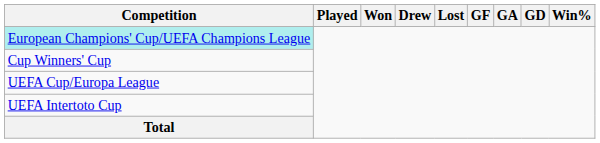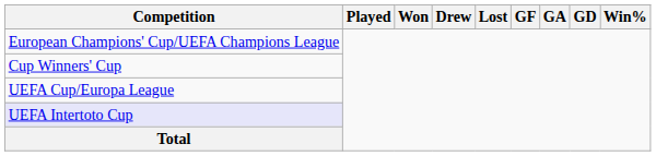 <table class="wikitable sortable" style="text-align: center;">
 <tr>
 <th>Competition</th>
 <th>Played</th>
 <th>Won</th>
 <th>Drew</th>
 <th>Lost</th>
 <th>GF</th>
 <th>GA</th>
 <th>GD</th>
 <th>Win%</th>
 </tr>
 <tr>
-<td align=left style="background: paleturquoise;"><a href='#'>European Champions' Cup/UEFA Champions League</a><br></td>
+<td align=left><a href='#'>European Champions' Cup/UEFA Champions League</a><br></td>
 </tr>
 <tr>
 <td align=left><a href='#'>Cup Winners' Cup</a><br></td>
 </tr>
 <tr>
 <td align=left><a href='#'>UEFA Cup/Europa League</a><br></td>
 </tr>
 <tr>
-<td align=left><a href='#'>UEFA Intertoto Cup</a><br></td>
+<td align=left style="background: lavender;"><a href='#'>UEFA Intertoto Cup</a><br></td>
 </tr>
 <tr>
 <th>Total<br></th>
 </tr>
 </table>
